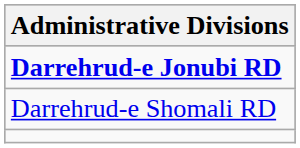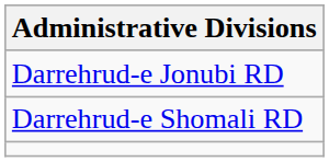 <table class="wikitable">
 <tr>
 <th>Administrative Divisions</th>
 </tr>
 <tr>
-<td><strong><a href='#'>Darrehrud-e Jonubi RD</a></strong></td>
+<td><a href='#'>Darrehrud-e Jonubi RD</a></td>
 </tr>
 <tr>
 <td><a href='#'>Darrehrud-e Shomali RD</a></td>
 </tr>
 <tr>
 <td colspan=1></td>
 </tr>
 </table>
